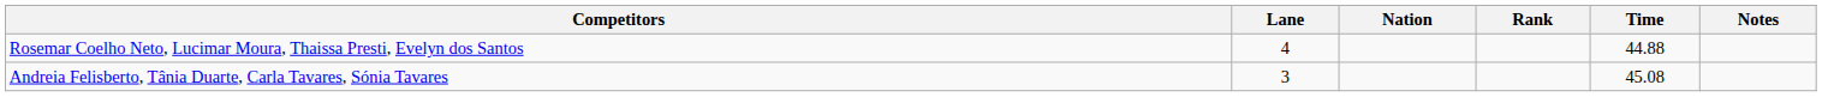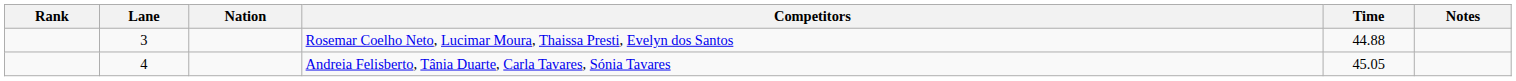 <table class="wikitable sortable" width=80% style="text-align:center; font-size:95%">
 <tr>
-<th>Competitors</th>
+<th>Rank</th>
 <th>Lane</th>
 <th>Nation</th>
-<th>Rank</th>
+<th>Competitors</th>
 <th>Time</th>
 <th>Notes</th>
 </tr>
 <tr>
+<td></td>
+<td>3</td>
+<td align=left></td>
 <td align=left><a href='#'>Rosemar Coelho Neto</a>, <a href='#'>Lucimar Moura</a>, <a href='#'>Thaissa Presti</a>, <a href='#'>Evelyn dos Santos</a></td>
-<td>4</td>
-<td align=left></td>
-<td></td>
 <td>44.88</td>
 <td></td>
 </tr>
 <tr>
+<td></td>
+<td>4</td>
+<td align=left></td>
 <td align=left><a href='#'>Andreia Felisberto</a>, <a href='#'>Tânia Duarte</a>, <a href='#'>Carla Tavares</a>, <a href='#'>Sónia Tavares</a></td>
-<td>3</td>
-<td align=left></td>
-<td></td>
-<td>45.08</td>
+<td>45.05</td>
 <td></td>
 </tr>
 </table>
